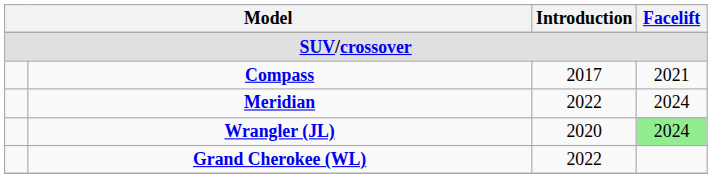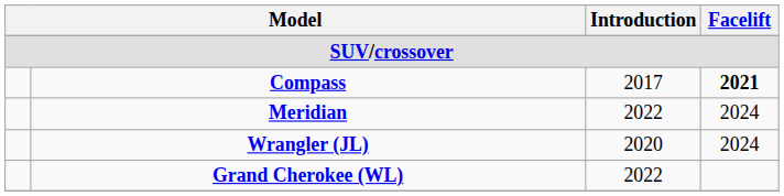 <table class="wikitable" style="text-align: center; width: 40%">
 <tr>
 <th colspan="2">Model</th>
 <th width="10%">Introduction</th>
 <th width="10%"><a href='#'>Facelift</a></th>
 </tr>
 <tr>
 </tr>
 <tr bgcolor="#e0e0e0">
 <td colspan="5"><strong><a href='#'>SUV</a>/<a href='#'>crossover</a></strong></td>
 </tr>
 <tr>
 <td></td>
 <td><strong><a href='#'>Compass</a></strong></td>
 <td>2017</td>
-<td>2021</td>
+<td><strong>2021</strong></td>
 </tr>
 <tr>
 <td></td>
 <td><strong><a href='#'>Meridian</a></strong></td>
 <td>2022</td>
 <td>2024</td>
 </tr>
 <tr>
 <td></td>
 <td><strong><a href='#'>Wrangler (JL)</a></strong></td>
 <td>2020</td>
-<td style="background: lightgreen;">2024</td>
+<td>2024</td>
 </tr>
 <tr>
 <td></td>
 <td><strong><a href='#'>Grand Cherokee (WL)</a></strong></td>
 <td>2022</td>
 <td></td>
 </tr>
 <tr>
 </tr>
 </table>
